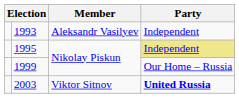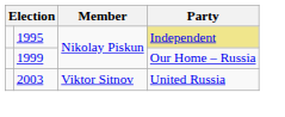 <table class="wikitable">
 <tr>
 <th colspan="2">Election</th>
 <th>Member</th>
 <th>Party</th>
-</tr>
-<tr>
-<td style="background-color:"></td>
-<td><a href='#'>1993</a></td>
-<td><a href='#'>Aleksandr Vasilyev</a></td>
-<td><a href='#'>Independent</a></td>
 </tr>
 <tr>
 <td style="background-color:"></td>
 <td><a href='#'>1995</a></td>
 <td rowspan=2><a href='#'>Nikolay Piskun</a></td>
 <td style="background: khaki;"><a href='#'>Independent</a></td>
 </tr>
 <tr>
 <td style="background-color:"></td>
 <td><a href='#'>1999</a></td>
 <td><a href='#'>Our Home – Russia</a></td>
 </tr>
 <tr>
 <td style="background-color:"></td>
 <td><a href='#'>2003</a></td>
 <td><a href='#'>Viktor Sitnov</a></td>
-<td><strong><a href='#'>United Russia</a></strong></td>
+<td><a href='#'>United Russia</a></td>
 </tr>
 </table>
